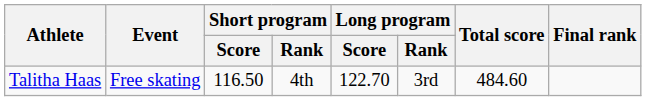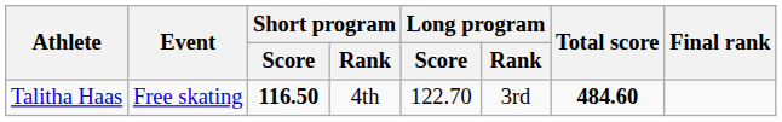 <table class="wikitable" style="font-size:90%">
 <tr>
 <th rowspan=2>Athlete</th>
 <th rowspan=2>Event</th>
 <th colspan=2>Short program</th>
 <th colspan=2>Long program</th>
 <th rowspan=2>Total score</th>
 <th rowspan=2>Final rank</th>
 </tr>
 <tr>
 <th>Score</th>
 <th>Rank</th>
 <th>Score</th>
 <th>Rank</th>
 </tr>
 <tr>
 <td><a href='#'>Talitha Haas</a></td>
 <td><a href='#'>Free skating</a></td>
-<td align=center>116.50</td>
+<td align=center><strong>116.50</strong></td>
 <td align=center>4th</td>
 <td align=center>122.70</td>
 <td align=center>3rd</td>
-<td align=center>484.60</td>
+<td align=center><strong>484.60</strong></td>
 <td align=center></td>
 </tr>
 </table>
